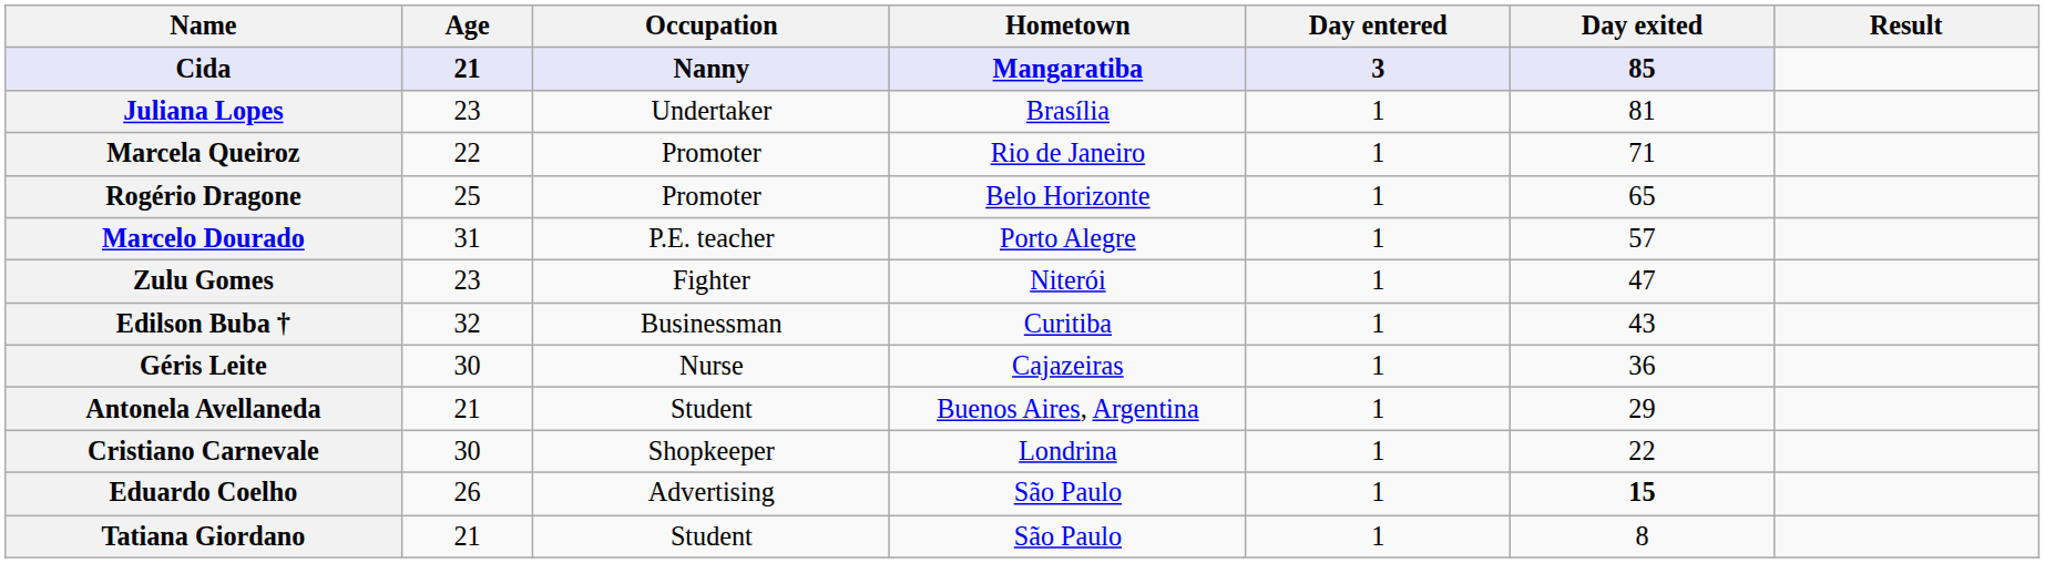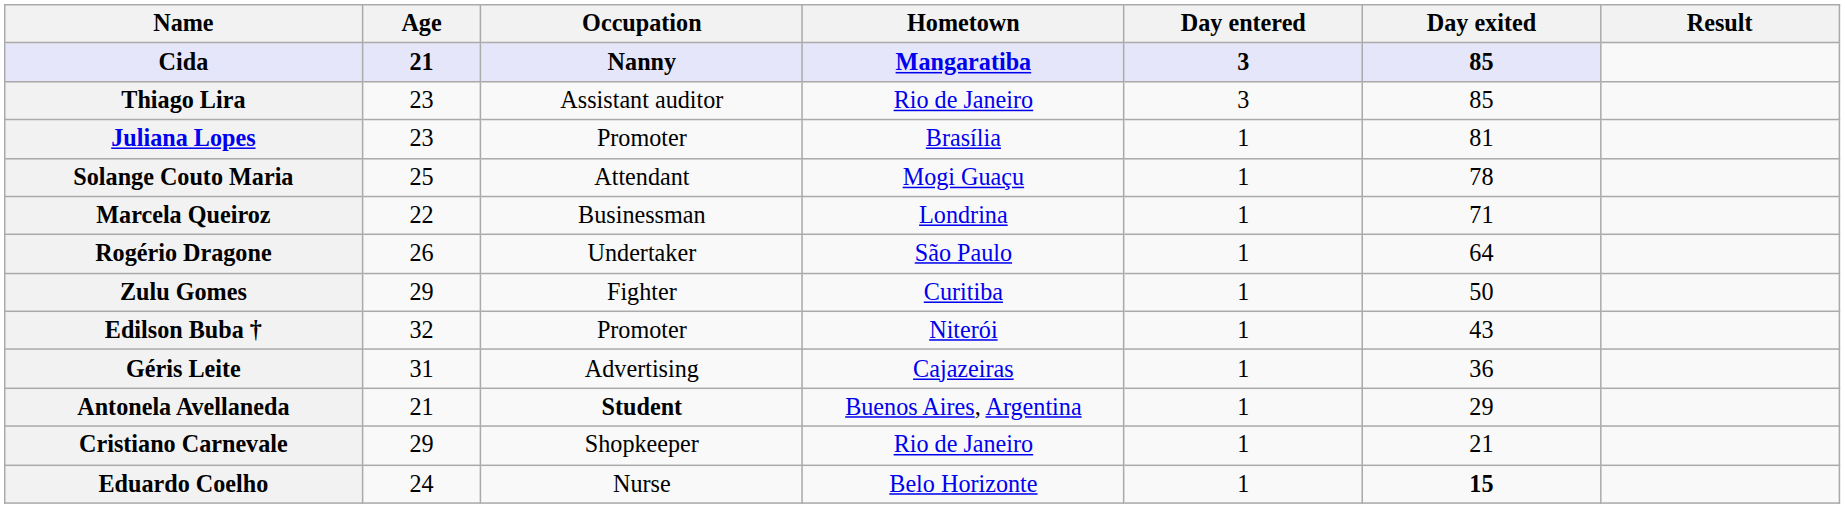 <table class="wikitable sortable" style="text-align:center;">
 <tr>
 <th scope="col" width="15.0%">Name</th>
 <th scope="col" width="05.0%">Age</th>
 <th scope="col" width="13.5%">Occupation</th>
 <th scope="col" width="13.5%">Hometown</th>
 <th scope="col" width="10.0%">Day entered</th>
 <th scope="col" width="10.0%">Day exited</th>
 <th scope="col" width="10.0%">Result</th>
 </tr>
 <tr>
 <td bgcolor="E6E6FA"><strong>Cida </strong></td>
 <td bgcolor="E6E6FA"><strong>21</strong></td>
 <td bgcolor="E6E6FA"><strong>Nanny</strong></td>
 <td bgcolor="E6E6FA"><strong><a href='#'>Mangaratiba</a></strong></td>
 <td bgcolor="E6E6FA"><strong>3</strong></td>
 <td bgcolor="E6E6FA"><strong>85</strong></td>
 <td></td>
 </tr>
 <tr>
+<th>Thiago Lira</th>
+<td>23</td>
+<td nowrap>Assistant auditor</td>
+<td><a href='#'>Rio de Janeiro</a></td>
+<td>3</td>
+<td>85</td>
+<td></td>
+</tr>
+<tr>
 <th><a href='#'>Juliana Lopes</a></th>
 <td>23</td>
-<td>Undertaker</td>
+<td>Promoter</td>
 <td><a href='#'>Brasília</a></td>
 <td>1</td>
 <td>81</td>
 <td></td>
 </tr>
 <tr>
+<th>Solange Couto Maria</th>
+<td>25</td>
+<td>Attendant</td>
+<td><a href='#'>Mogi Guaçu</a></td>
+<td>1</td>
+<td>78</td>
+<td></td>
+</tr>
+<tr>
 <th>Marcela Queiroz</th>
 <td>22</td>
-<td>Promoter</td>
-<td><a href='#'>Rio de Janeiro</a></td>
+<td>Businessman</td>
+<td><a href='#'>Londrina</a></td>
 <td>1</td>
 <td>71</td>
 <td></td>
 </tr>
 <tr>
 <th>Rogério Dragone</th>
-<td>25</td>
-<td>Promoter</td>
-<td><a href='#'>Belo Horizonte</a></td>
+<td>26</td>
+<td>Undertaker</td>
+<td><a href='#'>São Paulo</a></td>
 <td>1</td>
-<td>65</td>
-<td></td>
-</tr>
-<tr>
-<th><a href='#'>Marcelo Dourado</a></th>
-<td>31</td>
-<td>P.E. teacher</td>
-<td><a href='#'>Porto Alegre</a></td>
-<td>1</td>
-<td>57</td>
+<td>64</td>
 <td></td>
 </tr>
 <tr>
 <th>Zulu Gomes</th>
-<td>23</td>
+<td>29</td>
 <td>Fighter</td>
-<td><a href='#'>Niterói</a></td>
+<td><a href='#'>Curitiba</a></td>
 <td>1</td>
-<td>47</td>
+<td>50</td>
 <td></td>
 </tr>
 <tr>
 <th>Edilson Buba †</th>
 <td>32</td>
-<td>Businessman</td>
-<td><a href='#'>Curitiba</a></td>
+<td>Promoter</td>
+<td><a href='#'>Niterói</a></td>
 <td>1</td>
 <td>43</td>
 <td></td>
 </tr>
 <tr>
 <th>Géris Leite</th>
-<td>30</td>
-<td>Nurse</td>
+<td>31</td>
+<td>Advertising</td>
 <td><a href='#'>Cajazeiras</a></td>
 <td>1</td>
 <td>36</td>
 <td></td>
 </tr>
 <tr>
 <th>Antonela Avellaneda</th>
 <td>21</td>
-<td>Student</td>
+<td><strong>Student</strong></td>
 <td nowrap><a href='#'>Buenos Aires</a>, <a href='#'>Argentina</a></td>
 <td>1</td>
 <td>29</td>
 <td></td>
 </tr>
 <tr>
 <th>Cristiano Carnevale</th>
-<td>30</td>
+<td>29</td>
 <td>Shopkeeper</td>
-<td><a href='#'>Londrina</a></td>
+<td><a href='#'>Rio de Janeiro</a></td>
 <td>1</td>
-<td>22</td>
+<td>21</td>
 <td></td>
 </tr>
 <tr>
 <th>Eduardo Coelho</th>
-<td>26</td>
-<td>Advertising</td>
-<td><a href='#'>São Paulo</a></td>
+<td>24</td>
+<td>Nurse</td>
+<td><a href='#'>Belo Horizonte</a></td>
 <td>1</td>
 <td><strong>15</strong></td>
 <td></td>
 </tr>
-<tr>
-<th>Tatiana Giordano</th>
-<td>21</td>
-<td>Student</td>
-<td><a href='#'>São Paulo</a></td>
-<td>1</td>
-<td>8</td>
-<td></td>
-</tr>
 </table>
